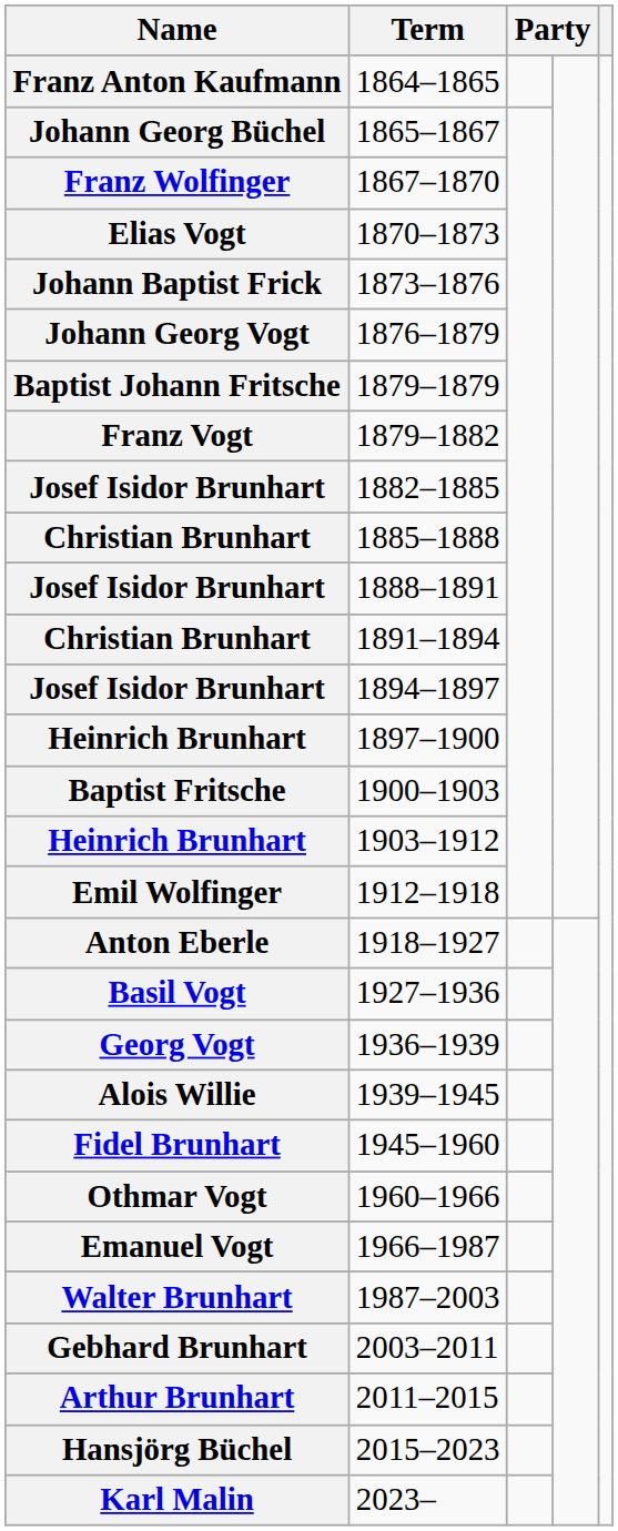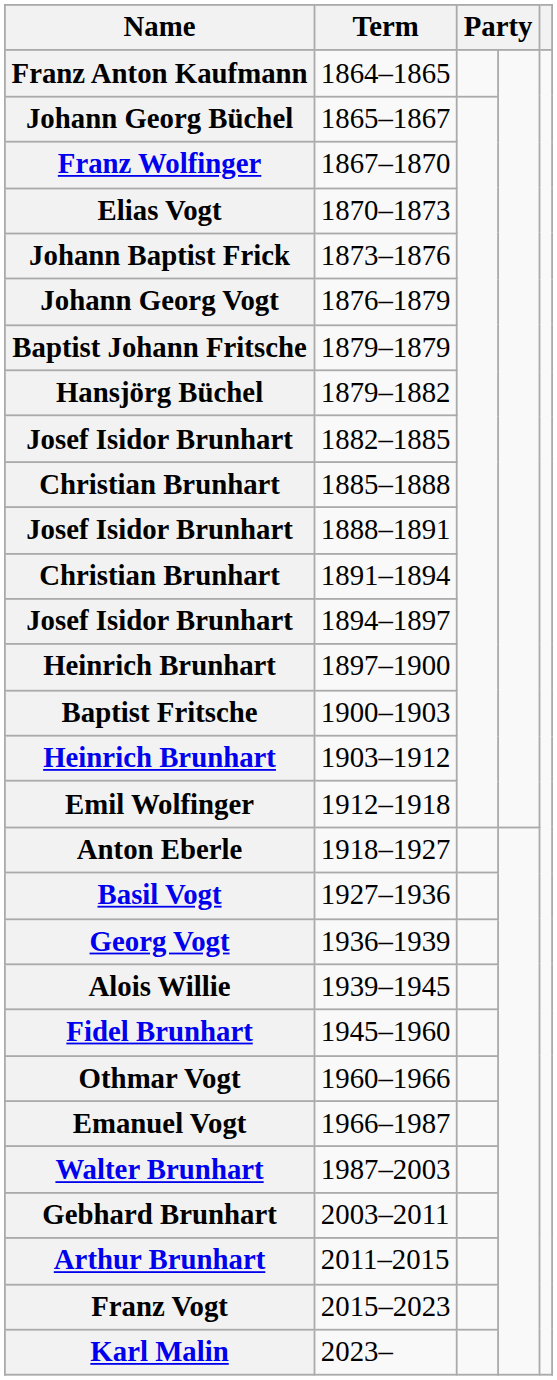 <table class="wikitable">
 <tr>
 <th scope="col">Name</th>
 <th scope="col">Term</th>
 <th colspan="2" scope="colgroup">Party</th>
 <th scope="col"></th>
 </tr>
 <tr>
 <th scope="row">Franz Anton Kaufmann</th>
 <td>1864–1865</td>
 <td style="background:"></td>
 <td rowspan="17"></td>
 <td rowspan="29"></td>
 </tr>
 <tr>
 <th>Johann Georg Büchel</th>
 <td>1865–1867</td>
 </tr>
 <tr>
 <th><a href='#'>Franz Wolfinger</a></th>
 <td>1867–1870</td>
 </tr>
 <tr>
 <th>Elias Vogt</th>
 <td>1870–1873</td>
 </tr>
 <tr>
 <th>Johann Baptist Frick</th>
 <td>1873–1876</td>
 </tr>
 <tr>
 <th>Johann Georg Vogt</th>
 <td>1876–1879</td>
 </tr>
 <tr>
 <th>Baptist Johann Fritsche</th>
 <td>1879–1879</td>
 </tr>
 <tr>
-<th>Franz Vogt</th>
+<th>Hansjörg Büchel</th>
 <td>1879–1882</td>
 </tr>
 <tr>
 <th>Josef Isidor Brunhart</th>
 <td>1882–1885</td>
 </tr>
 <tr>
 <th>Christian Brunhart</th>
 <td>1885–1888</td>
 </tr>
 <tr>
 <th>Josef Isidor Brunhart</th>
 <td>1888–1891</td>
 </tr>
 <tr>
 <th>Christian Brunhart</th>
 <td>1891–1894</td>
 </tr>
 <tr>
 <th>Josef Isidor Brunhart</th>
 <td>1894–1897</td>
 </tr>
 <tr>
 <th>Heinrich Brunhart</th>
 <td>1897–1900</td>
 </tr>
 <tr>
 <th>Baptist Fritsche</th>
 <td>1900–1903</td>
 </tr>
 <tr>
 <th><a href='#'>Heinrich Brunhart</a></th>
 <td>1903–1912</td>
 </tr>
 <tr>
 <th>Emil Wolfinger</th>
 <td>1912–1918</td>
 </tr>
 <tr>
 <th>Anton Eberle</th>
 <td>1918–1927</td>
 <td></td>
 </tr>
 <tr>
 <th><a href='#'>Basil Vogt</a></th>
 <td>1927–1936</td>
 <td></td>
 </tr>
 <tr>
 <th><a href='#'>Georg Vogt</a></th>
 <td>1936–1939</td>
 <td></td>
 </tr>
 <tr>
 <th>Alois Willie</th>
 <td>1939–1945</td>
 <td></td>
 </tr>
 <tr>
 <th><a href='#'>Fidel Brunhart</a></th>
 <td>1945–1960</td>
 <td></td>
 </tr>
 <tr>
 <th>Othmar Vogt</th>
 <td>1960–1966</td>
 <td></td>
 </tr>
 <tr>
 <th>Emanuel Vogt</th>
 <td>1966–1987</td>
 <td></td>
 </tr>
 <tr>
 <th><a href='#'>Walter Brunhart</a></th>
 <td>1987–2003</td>
 <td></td>
 </tr>
 <tr>
 <th>Gebhard Brunhart</th>
 <td>2003–2011</td>
 <td></td>
 </tr>
 <tr>
 <th><a href='#'>Arthur Brunhart</a></th>
 <td>2011–2015</td>
 <td></td>
 </tr>
 <tr>
-<th>Hansjörg Büchel</th>
+<th>Franz Vogt</th>
 <td>2015–2023</td>
 <td></td>
 </tr>
 <tr>
 <th><a href='#'>Karl Malin</a></th>
 <td>2023–</td>
 <td></td>
 </tr>
 </table>
